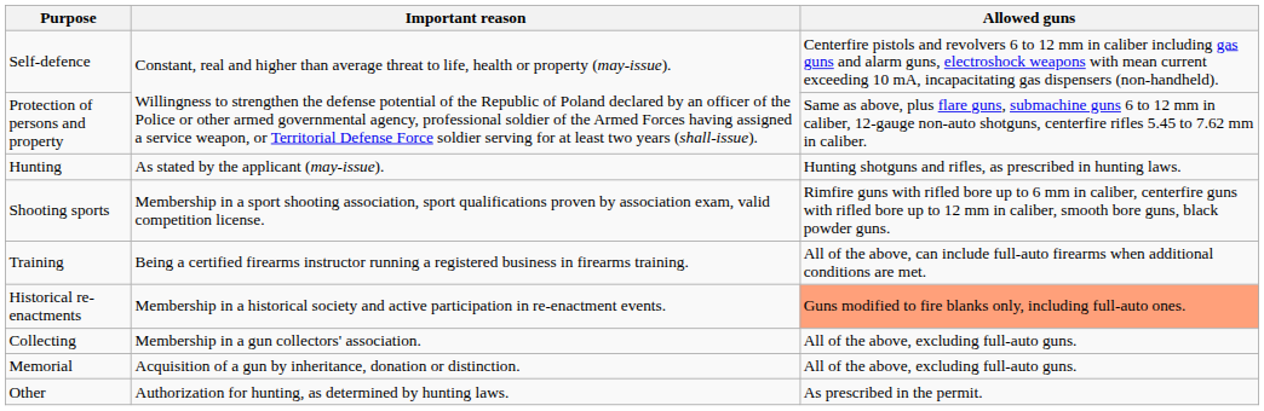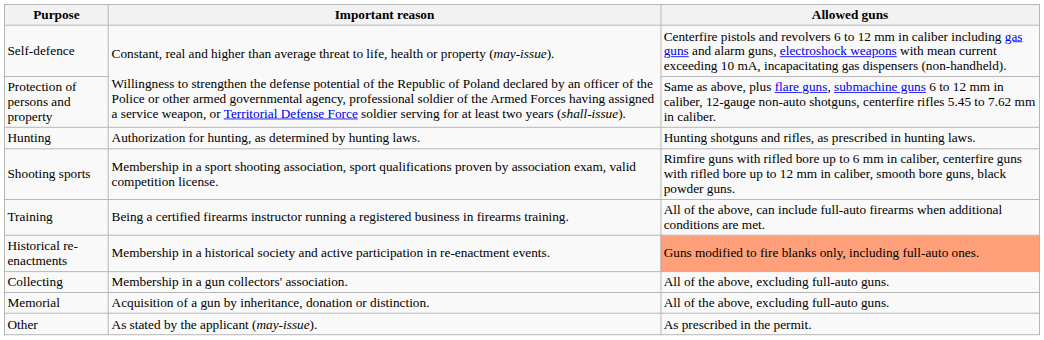 <table class="wikitable" id="purposes-and-reasons">
 <tr>
 <th>Purpose</th>
 <th>Important reason</th>
 <th>Allowed guns</th>
 </tr>
 <tr>
 <td>Self-defence</td>
 <td rowspan=2><br>Constant, real and higher than average threat to life, health or property (<em>may-issue</em>). <br> <br> Willingness to strengthen the defense potential of the Republic of Poland declared by an officer of the Police or other armed governmental agency, professional soldier of the Armed Forces having assigned a service weapon, or <a href='#'>Territorial Defense Force</a> soldier serving for at least two years (<em>shall-issue</em>).</td>
 <td>Centerfire pistols and revolvers 6 to 12 mm in caliber including <a href='#'>gas guns</a> and alarm guns, <a href='#'>electroshock weapons</a> with mean current exceeding 10 mA, incapacitating gas dispensers (non-handheld).</td>
 </tr>
 <tr>
 <td>Protection of persons and property</td>
 <td>Same as above, plus <a href='#'>flare guns</a>, <a href='#'>submachine guns</a> 6 to 12 mm in caliber, 12-gauge non-auto shotguns, centerfire rifles 5.45 to 7.62 mm in caliber.</td>
 </tr>
 <tr>
 <td>Hunting</td>
-<td>As stated by the applicant (<em>may-issue</em>).</td>
+<td>Authorization for hunting, as determined by hunting laws.</td>
 <td>Hunting shotguns and rifles, as prescribed in hunting laws.</td>
 </tr>
 <tr>
 <td>Shooting sports</td>
 <td>Membership in a sport shooting association, sport qualifications proven by association exam, valid competition license.</td>
 <td>Rimfire guns with rifled bore up to 6 mm in caliber, centerfire guns with rifled bore up to 12 mm in caliber, smooth bore guns, black powder guns.</td>
 </tr>
 <tr>
 <td id="training-purpose">Training</td>
 <td>Being a certified firearms instructor running a registered business in firearms training.</td>
 <td>All of the above, can include full-auto firearms when additional conditions are met.</td>
 </tr>
 <tr>
 <td>Historical re-enactments</td>
 <td>Membership in a historical society and active participation in re-enactment events.</td>
 <td style="background: lightsalmon;">Guns modified to fire blanks only, including full-auto ones.</td>
 </tr>
 <tr>
 <td>Collecting</td>
 <td>Membership in a gun collectors' association.</td>
 <td>All of the above, excluding full-auto guns.</td>
 </tr>
 <tr>
 <td>Memorial</td>
 <td>Acquisition of a gun by inheritance, donation or distinction.</td>
 <td>All of the above, excluding full-auto guns.</td>
 </tr>
 <tr>
 <td>Other</td>
-<td>Authorization for hunting, as determined by hunting laws.</td>
+<td>As stated by the applicant (<em>may-issue</em>).</td>
 <td>As prescribed in the permit.</td>
 </tr>
 </table>
